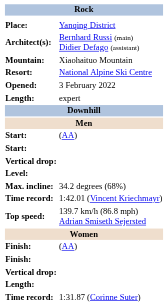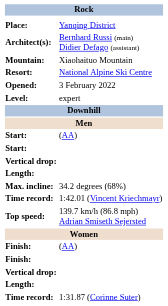 <table border=0 class="toccolours float-right" align="right" style="margin:0 0 0.5em 1em; font-size: 85%;">
 <tr>
 <th bgcolor=#b0c4de colspan=2 align="center">Rock</th>
 </tr>
 <tr>
 <td align="center" colspan=2></td>
 </tr>
 <tr>
 <td><strong>Place:</strong></td>
 <td> <a href='#'>Yanqing District</a></td>
 </tr>
 <tr>
 <td><strong>Architect(s):</strong></td>
 <td><a href='#'>Bernhard Russi</a> <small>(main)</small><br><a href='#'>Didier Defago</a> <small>(assistant)</small></td>
 </tr>
 <tr>
 <td><strong>Mountain:</strong></td>
 <td>Xiaohaituo Mountain</td>
 </tr>
 <tr>
 <td><strong>Resort:</strong></td>
 <td><a href='#'>National Alpine Ski Centre</a></td>
 </tr>
 <tr>
 <td><strong>Opened:</strong></td>
 <td>3 February 2022</td>
 </tr>
 <tr>
-<td><strong>Length:</strong></td>
+<td><strong>Level:</strong></td>
 <td> expert</td>
 </tr>
 <tr>
 <th bgcolor=#b0c4de colspan=2 align="center">Downhill</th>
 </tr>
 <tr>
 <th bgcolor=#EFDECD colspan=2 align="center">Men</th>
 </tr>
 <tr>
 <td><strong>Start:</strong></td>
 <td> (<a href='#'>AA</a>)</td>
 </tr>
 <tr>
 <td><strong>Start:</strong></td>
 <td></td>
 </tr>
 <tr>
 <td><strong>Vertical drop:</strong></td>
 <td></td>
 </tr>
 <tr>
-<td><strong>Level:</strong></td>
+<td><strong>Length:</strong></td>
 <td></td>
 </tr>
 <tr>
 <td><strong>Max. incline:</strong></td>
 <td>34.2 degrees (68%)</td>
 </tr>
 <tr>
 <td><strong>Time record:</strong></td>
 <td>1:42.01 (<a href='#'>Vincent Kriechmayr</a>)</td>
 </tr>
 <tr>
 <td><strong>Top speed:</strong></td>
 <td>139.7 km/h (86.8 mph)<br><a href='#'>Adrian Smiseth Sejersted</a></td>
 </tr>
 <tr>
 <th bgcolor=#EFDECD colspan=2 align="center">Women</th>
 </tr>
 <tr>
 <td><strong>Finish:</strong></td>
 <td> (<a href='#'>AA</a>)</td>
 </tr>
 <tr>
 <td><strong>Finish:</strong></td>
 <td></td>
 </tr>
 <tr>
 <td><strong>Vertical drop:</strong></td>
 <td></td>
 </tr>
 <tr>
 <td><strong>Length:</strong></td>
 <td></td>
 </tr>
 <tr>
 <td><strong>Time record:</strong></td>
 <td>1:31.87 (<a href='#'>Corinne Suter</a>)</td>
 </tr>
 </table>
